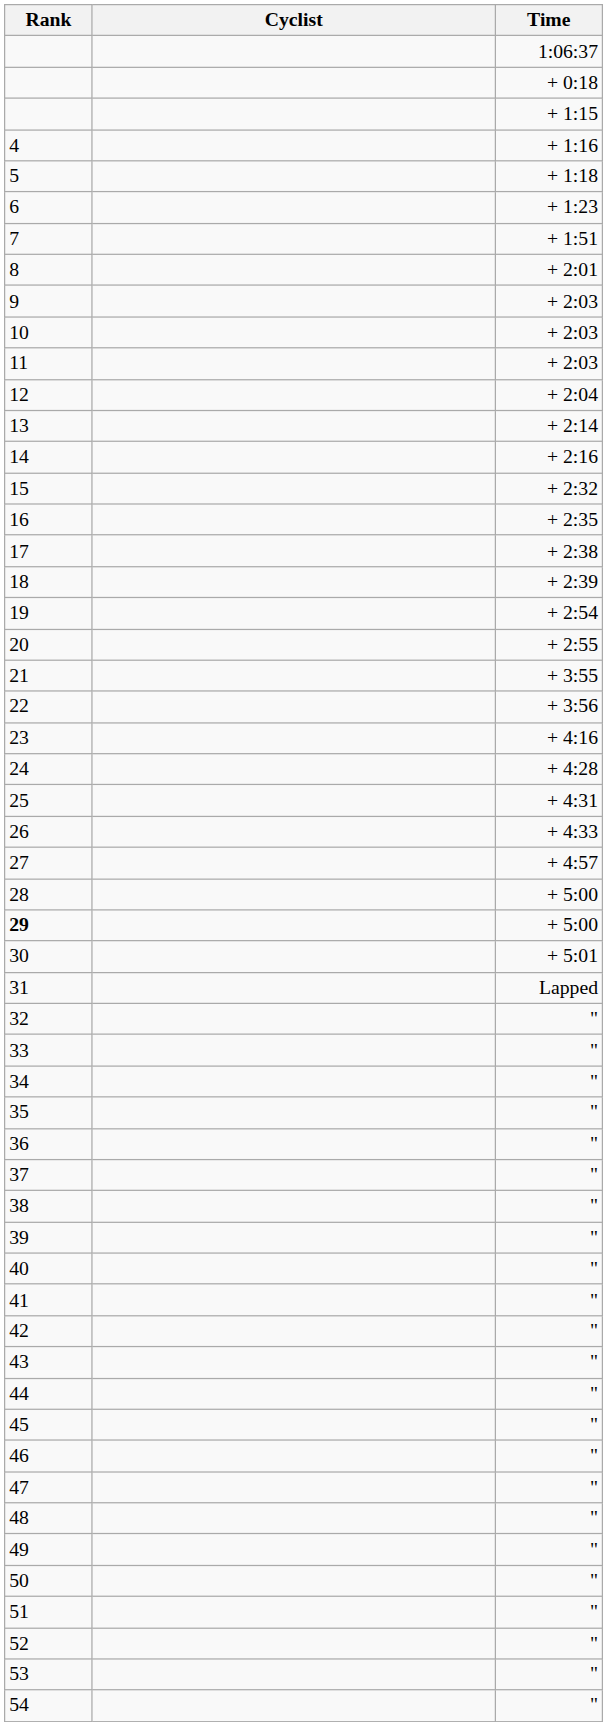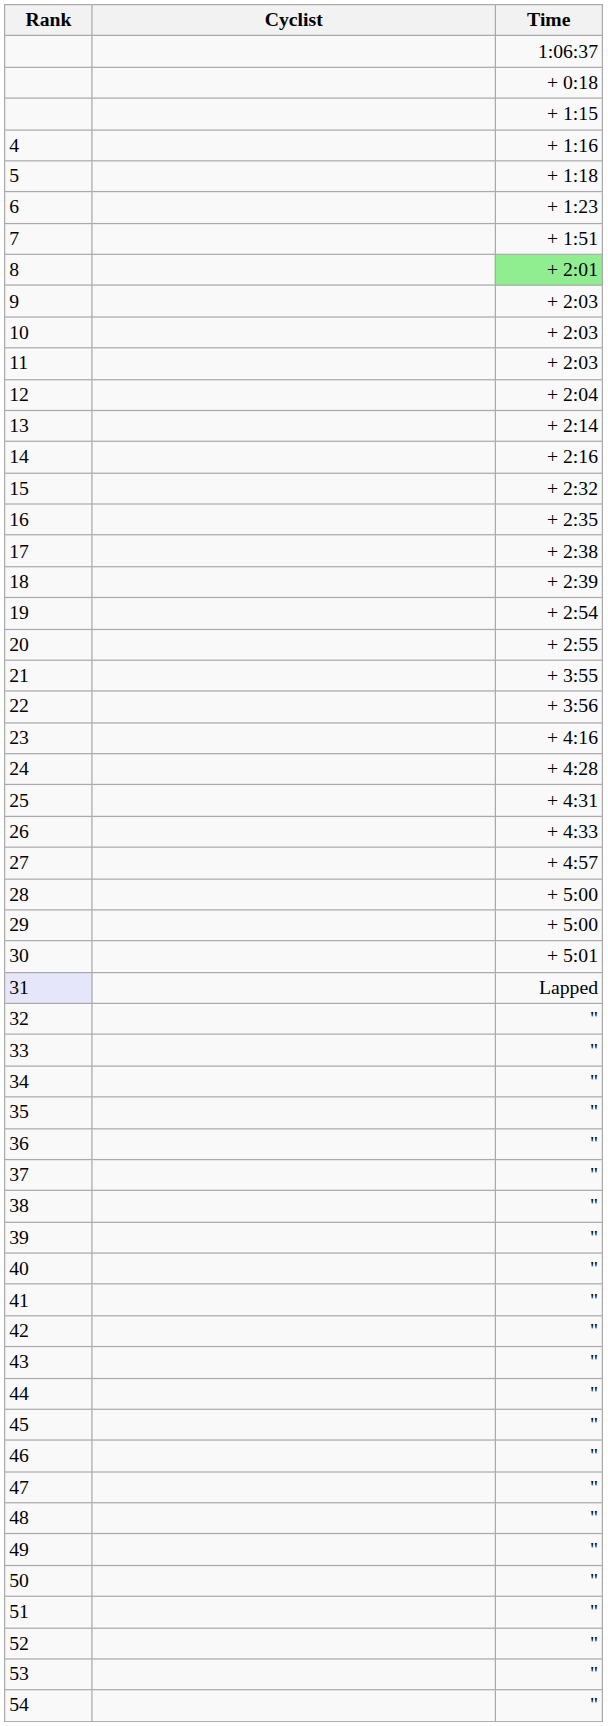 <table class="wikitable">
 <tr>
 <th style="width: 4em;">Rank</th>
 <th style="width: 20em;">Cyclist</th>
 <th style="width: 5em;">Time</th>
 </tr>
 <tr>
 <td></td>
 <td></td>
 <td align="right">1:06:37</td>
 </tr>
 <tr>
 <td></td>
 <td></td>
 <td align="right">+ 0:18</td>
 </tr>
 <tr>
 <td></td>
 <td></td>
 <td align="right">+ 1:15</td>
 </tr>
 <tr>
 <td>4</td>
 <td></td>
 <td align="right">+ 1:16</td>
 </tr>
 <tr>
 <td>5</td>
 <td></td>
 <td align="right">+ 1:18</td>
 </tr>
 <tr>
 <td>6</td>
 <td></td>
 <td align="right">+ 1:23</td>
 </tr>
 <tr>
 <td>7</td>
 <td></td>
 <td align="right">+ 1:51</td>
 </tr>
 <tr>
 <td>8</td>
 <td></td>
-<td align="right">+ 2:01</td>
+<td align="right" style="background: lightgreen;">+ 2:01</td>
 </tr>
 <tr>
 <td>9</td>
 <td></td>
 <td align="right">+ 2:03</td>
 </tr>
 <tr>
 <td>10</td>
 <td></td>
 <td align="right">+ 2:03</td>
 </tr>
 <tr>
 <td>11</td>
 <td></td>
 <td align="right">+ 2:03</td>
 </tr>
 <tr>
 <td>12</td>
 <td></td>
 <td align="right">+ 2:04</td>
 </tr>
 <tr>
 <td>13</td>
 <td></td>
 <td align="right">+ 2:14</td>
 </tr>
 <tr>
 <td>14</td>
 <td></td>
 <td align="right">+ 2:16</td>
 </tr>
 <tr>
 <td>15</td>
 <td></td>
 <td align="right">+ 2:32</td>
 </tr>
 <tr>
 <td>16</td>
 <td></td>
 <td align="right">+ 2:35</td>
 </tr>
 <tr>
 <td>17</td>
 <td></td>
 <td align="right">+ 2:38</td>
 </tr>
 <tr>
 <td>18</td>
 <td></td>
 <td align="right">+ 2:39</td>
 </tr>
 <tr>
 <td>19</td>
 <td></td>
 <td align="right">+ 2:54</td>
 </tr>
 <tr>
 <td>20</td>
 <td></td>
 <td align="right">+ 2:55</td>
 </tr>
 <tr>
 <td>21</td>
 <td></td>
 <td align="right">+ 3:55</td>
 </tr>
 <tr>
 <td>22</td>
 <td></td>
 <td align="right">+ 3:56</td>
 </tr>
 <tr>
 <td>23</td>
 <td></td>
 <td align="right">+ 4:16</td>
 </tr>
 <tr>
 <td>24</td>
 <td></td>
 <td align="right">+ 4:28</td>
 </tr>
 <tr>
 <td>25</td>
 <td></td>
 <td align="right">+ 4:31</td>
 </tr>
 <tr>
 <td>26</td>
 <td></td>
 <td align="right">+ 4:33</td>
 </tr>
 <tr>
 <td>27</td>
 <td></td>
 <td align="right">+ 4:57</td>
 </tr>
 <tr>
 <td>28</td>
 <td></td>
 <td align="right">+ 5:00</td>
 </tr>
 <tr>
-<td><strong>29</strong></td>
+<td>29</td>
 <td></td>
 <td align="right">+ 5:00</td>
 </tr>
 <tr>
 <td>30</td>
 <td></td>
 <td align="right">+ 5:01</td>
 </tr>
 <tr>
-<td>31</td>
+<td style="background: lavender;">31</td>
 <td></td>
 <td align="right">Lapped</td>
 </tr>
 <tr>
 <td>32</td>
 <td></td>
 <td align="right">"</td>
 </tr>
 <tr>
 <td>33</td>
 <td></td>
 <td align="right">"</td>
 </tr>
 <tr>
 <td>34</td>
 <td></td>
 <td align="right">"</td>
 </tr>
 <tr>
 <td>35</td>
 <td></td>
 <td align="right">"</td>
 </tr>
 <tr>
 <td>36</td>
 <td></td>
 <td align="right">"</td>
 </tr>
 <tr>
 <td>37</td>
 <td></td>
 <td align="right">"</td>
 </tr>
 <tr>
 <td>38</td>
 <td></td>
 <td align="right">"</td>
 </tr>
 <tr>
 <td>39</td>
 <td></td>
 <td align="right">"</td>
 </tr>
 <tr>
 <td>40</td>
 <td></td>
 <td align="right">"</td>
 </tr>
 <tr>
 <td>41</td>
 <td></td>
 <td align="right">"</td>
 </tr>
 <tr>
 <td>42</td>
 <td></td>
 <td align="right">"</td>
 </tr>
 <tr>
 <td>43</td>
 <td></td>
 <td align="right">"</td>
 </tr>
 <tr>
 <td>44</td>
 <td></td>
 <td align="right">"</td>
 </tr>
 <tr>
 <td>45</td>
 <td></td>
 <td align="right">"</td>
 </tr>
 <tr>
 <td>46</td>
 <td></td>
 <td align="right">"</td>
 </tr>
 <tr>
 <td>47</td>
 <td></td>
 <td align="right">"</td>
 </tr>
 <tr>
 <td>48</td>
 <td></td>
 <td align="right">"</td>
 </tr>
 <tr>
 <td>49</td>
 <td></td>
 <td align="right">"</td>
 </tr>
 <tr>
 <td>50</td>
 <td></td>
 <td align="right">"</td>
 </tr>
 <tr>
 <td>51</td>
 <td></td>
 <td align="right">"</td>
 </tr>
 <tr>
 <td>52</td>
 <td></td>
 <td align="right">"</td>
 </tr>
 <tr>
 <td>53</td>
 <td></td>
 <td align="right">"</td>
 </tr>
 <tr>
 <td>54</td>
 <td></td>
 <td align="right">"</td>
 </tr>
 </table>
